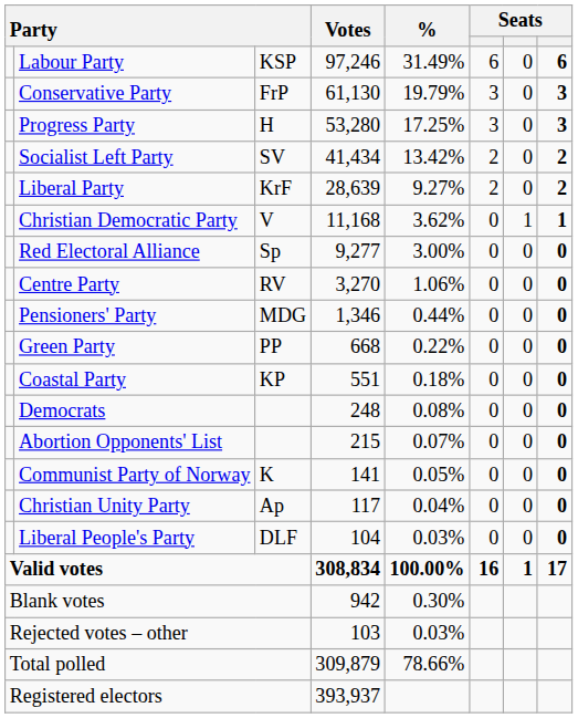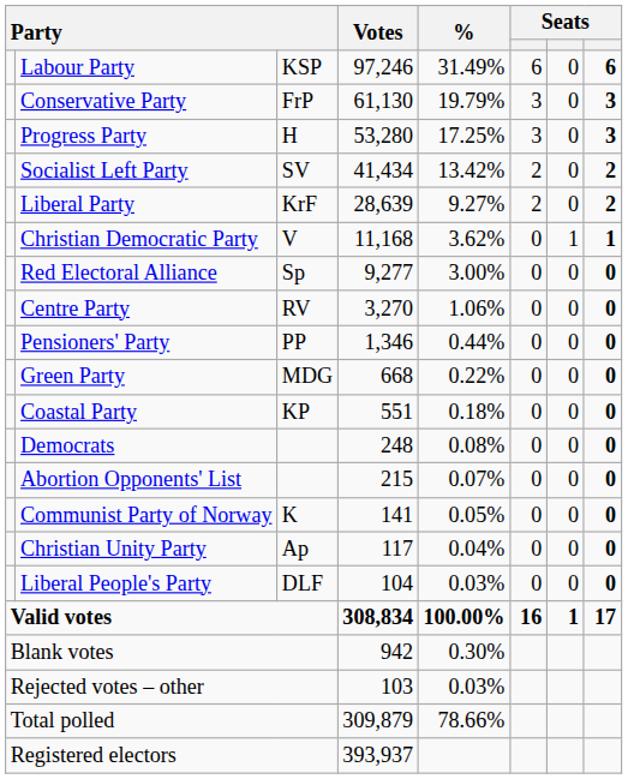 <table class="wikitable" border="1" style="text-align:right;">
 <tr>
 <th style="text-align:left;" valign=bottom rowspan=2 colspan=3>Party</th>
 <th align=center valign=bottom rowspan=2 width="50">Votes</th>
 <th align=center valign=bottom rowspan=2 width="50">%</th>
 <th colspan=3>Seats</th>
 </tr>
 <tr>
 <th align=center valign=bottom width="20"><small></small></th>
 <th align=center valign=bottom width="20"><small><a href='#'></a></small></th>
 <th align=center valign=bottom width="20"><small></small></th>
 </tr>
 <tr>
 <td style="color:inherit;background:"></td>
 <td align=left><a href='#'>Labour Party</a></td>
 <td align=left>KSP</td>
 <td>97,246</td>
 <td>31.49%</td>
 <td>6</td>
 <td>0</td>
 <td><strong>6</strong></td>
 </tr>
 <tr>
 <td style="color:inherit;background:"></td>
 <td align=left><a href='#'>Conservative Party</a></td>
 <td align=left>FrP</td>
 <td>61,130</td>
 <td>19.79%</td>
 <td>3</td>
 <td>0</td>
 <td><strong>3</strong></td>
 </tr>
 <tr>
 <td style="color:inherit;background:"></td>
 <td align=left><a href='#'>Progress Party</a></td>
 <td align=left>H</td>
 <td>53,280</td>
 <td>17.25%</td>
 <td>3</td>
 <td>0</td>
 <td><strong>3</strong></td>
 </tr>
 <tr>
 <td style="color:inherit;background:"></td>
 <td align=left><a href='#'>Socialist Left Party</a></td>
 <td align=left>SV</td>
 <td>41,434</td>
 <td>13.42%</td>
 <td>2</td>
 <td>0</td>
 <td><strong>2</strong></td>
 </tr>
 <tr>
 <td style="color:inherit;background:"></td>
 <td align=left><a href='#'>Liberal Party</a></td>
 <td align=left>KrF</td>
 <td>28,639</td>
 <td>9.27%</td>
 <td>2</td>
 <td>0</td>
 <td><strong>2</strong></td>
 </tr>
 <tr>
 <td style="color:inherit;background:"></td>
 <td align=left><a href='#'>Christian Democratic Party</a></td>
 <td align=left>V</td>
 <td>11,168</td>
 <td>3.62%</td>
 <td>0</td>
 <td>1</td>
 <td><strong>1</strong></td>
 </tr>
 <tr>
 <td style="color:inherit;background:"></td>
 <td align=left><a href='#'>Red Electoral Alliance</a></td>
 <td align=left>Sp</td>
 <td>9,277</td>
 <td>3.00%</td>
 <td>0</td>
 <td>0</td>
 <td><strong>0</strong></td>
 </tr>
 <tr>
 <td style="color:inherit;background:"></td>
 <td align=left><a href='#'>Centre Party</a></td>
 <td align=left>RV</td>
 <td>3,270</td>
 <td>1.06%</td>
 <td>0</td>
 <td>0</td>
 <td><strong>0</strong></td>
 </tr>
 <tr>
 <td style="color:inherit;background:"></td>
 <td align=left><a href='#'>Pensioners' Party</a></td>
-<td align=left>MDG</td>
+<td align=left>PP</td>
 <td>1,346</td>
 <td>0.44%</td>
 <td>0</td>
 <td>0</td>
 <td><strong>0</strong></td>
 </tr>
 <tr>
 <td style="color:inherit;background:"></td>
 <td align=left><a href='#'>Green Party</a></td>
-<td align=left>PP</td>
+<td align=left>MDG</td>
 <td>668</td>
 <td>0.22%</td>
 <td>0</td>
 <td>0</td>
 <td><strong>0</strong></td>
 </tr>
 <tr>
 <td style="color:inherit;background:"></td>
 <td align=left><a href='#'>Coastal Party</a></td>
 <td align=left>KP</td>
 <td>551</td>
 <td>0.18%</td>
 <td>0</td>
 <td>0</td>
 <td><strong>0</strong></td>
 </tr>
 <tr>
 <td style="color:inherit;background:"></td>
 <td align=left><a href='#'>Democrats</a></td>
 <td align=left></td>
 <td>248</td>
 <td>0.08%</td>
 <td>0</td>
 <td>0</td>
 <td><strong>0</strong></td>
 </tr>
 <tr>
 <td></td>
 <td align=left><a href='#'>Abortion Opponents' List</a></td>
 <td align=left></td>
 <td>215</td>
 <td>0.07%</td>
 <td>0</td>
 <td>0</td>
 <td><strong>0</strong></td>
 </tr>
 <tr>
 <td style="color:inherit;background:"></td>
 <td align=left><a href='#'>Communist Party of Norway</a></td>
 <td align=left>K</td>
 <td>141</td>
 <td>0.05%</td>
 <td>0</td>
 <td>0</td>
 <td><strong>0</strong></td>
 </tr>
 <tr>
 <td style="color:inherit;background:"></td>
 <td align=left><a href='#'>Christian Unity Party</a></td>
 <td align=left>Ap</td>
 <td>117</td>
 <td>0.04%</td>
 <td>0</td>
 <td>0</td>
 <td><strong>0</strong></td>
 </tr>
 <tr>
 <td style="color:inherit;background:"></td>
 <td align=left><a href='#'>Liberal People's Party</a></td>
 <td align=left>DLF</td>
 <td>104</td>
 <td>0.03%</td>
 <td>0</td>
 <td>0</td>
 <td><strong>0</strong></td>
 </tr>
 <tr style="font-weight:bold">
 <td align=left colspan=3>Valid votes</td>
 <td>308,834</td>
 <td>100.00%</td>
 <td>16</td>
 <td>1</td>
 <td>17</td>
 </tr>
 <tr>
 <td align=left colspan=3>Blank votes</td>
 <td>942</td>
 <td>0.30%</td>
 <td></td>
 <td></td>
 <td></td>
 </tr>
 <tr>
 <td align=left colspan=3>Rejected votes – other</td>
 <td>103</td>
 <td>0.03%</td>
 <td></td>
 <td></td>
 <td></td>
 </tr>
 <tr>
 <td align=left colspan=3>Total polled</td>
 <td>309,879</td>
 <td>78.66%</td>
 <td></td>
 <td></td>
 <td></td>
 </tr>
 <tr>
 <td align=left colspan=3>Registered electors</td>
 <td>393,937</td>
 <td></td>
 <td></td>
 <td></td>
 <td></td>
 </tr>
 </table>
